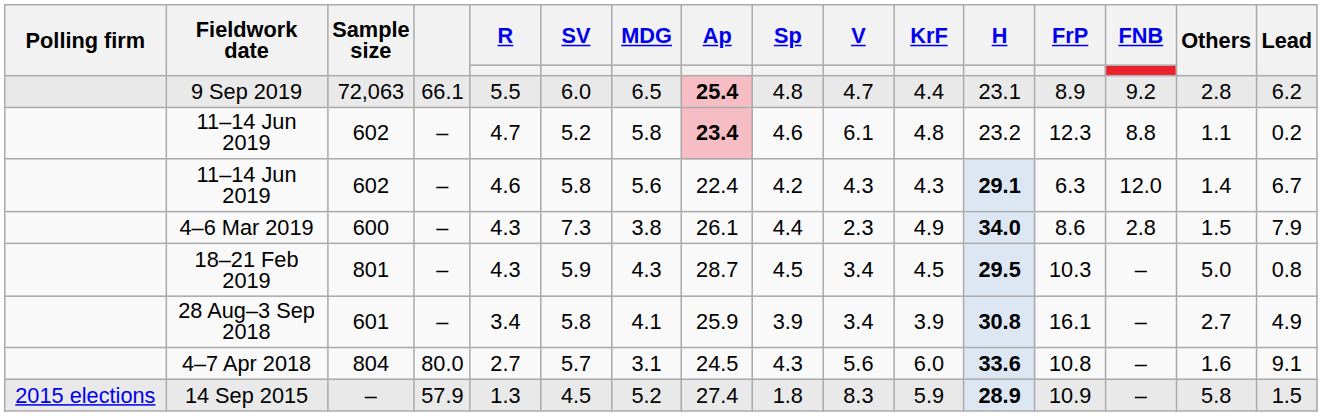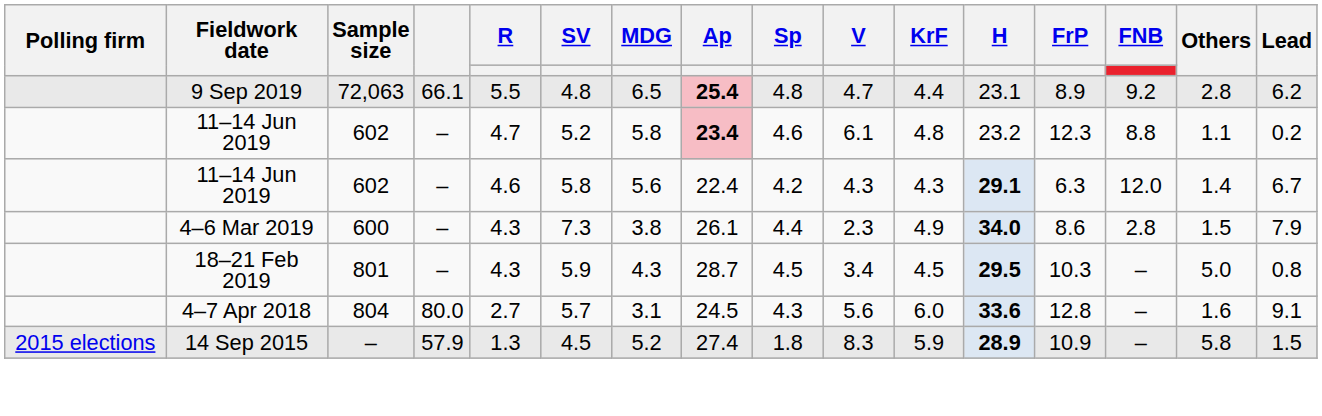 <table class="wikitable sortable" style="text-align:center;font-size:90%;line-height:14px;">
 <tr style="height:40px;">
 <th style="width:100px;" rowspan="2">Polling firm</th>
 <th style="width:100px;" rowspan="2">Fieldwork date</th>
 <th style="width:35px;" rowspan="2">Sample<br>size</th>
 <th style="width:30px;" rowspan="2"></th>
 <th class="unsortable" style="width:40px;"><a href='#'>R</a></th>
 <th class="unsortable" style="width:40px;"><a href='#'>SV</a></th>
 <th class="unsortable" style="width:40px;"><a href='#'>MDG</a></th>
 <th class="unsortable" style="width:40px;"><a href='#'>Ap</a></th>
 <th class="unsortable" style="width:40px;"><a href='#'>Sp</a></th>
 <th class="unsortable" style="width:40px;"><a href='#'>V</a></th>
 <th class="unsortable" style="width:40px;"><a href='#'>KrF</a></th>
 <th class="unsortable" style="width:40px;"><a href='#'>H</a></th>
 <th class="unsortable" style="width:40px;"><a href='#'>FrP</a></th>
 <th class="unsortable" style="width:40px;"><a href='#'>FNB</a></th>
 <th class="unsortable" style="width:30px;" rowspan="2">Others</th>
 <th style="width:30px;" rowspan="2">Lead</th>
 </tr>
 <tr>
 <th style="background:"></th>
 <th style="background:"></th>
 <th style="background:"></th>
 <th style="background:"></th>
 <th style="background:"></th>
 <th style="background:"></th>
 <th style="background:"></th>
 <th style="background:"></th>
 <th style="background:"></th>
 <th style="background:#EA212D;"></th>
 </tr>
 <tr style="background:#E9E9E9;">
 <td></td>
 <td data-sort-value="2019-09-09">9 Sep 2019</td>
 <td>72,063</td>
 <td>66.1</td>
 <td>5.5</td>
-<td>6.0</td>
+<td>4.8</td>
 <td>6.5</td>
 <td style="background:#F7BDC5;"><strong>25.4</strong></td>
 <td>4.8</td>
 <td>4.7</td>
 <td>4.4</td>
 <td>23.1</td>
 <td>8.9</td>
 <td>9.2</td>
 <td>2.8</td>
 <td style="background:">6.2</td>
 </tr>
 <tr>
 <td></td>
 <td data-sort-value="2019-06-14">11–14 Jun 2019</td>
 <td>602</td>
 <td>–</td>
 <td>4.7</td>
 <td>5.2</td>
 <td>5.8</td>
 <td style="background:#F7BDC5;"><strong>23.4</strong></td>
 <td>4.6</td>
 <td>6.1</td>
 <td>4.8</td>
 <td>23.2</td>
 <td>12.3</td>
 <td>8.8</td>
 <td>1.1</td>
 <td style="background:">0.2</td>
 </tr>
 <tr>
 <td></td>
 <td data-sort-value="2019-06-14">11–14 Jun 2019</td>
 <td>602</td>
 <td>–</td>
 <td>4.6</td>
 <td>5.8</td>
 <td>5.6</td>
 <td>22.4</td>
 <td>4.2</td>
 <td>4.3</td>
 <td>4.3</td>
 <td style="background:#DCE7F3;"><strong>29.1</strong></td>
 <td>6.3</td>
 <td>12.0</td>
 <td>1.4</td>
 <td style="background:">6.7</td>
 </tr>
 <tr>
 <td></td>
 <td data-sort-value="2019-03-06">4–6 Mar 2019</td>
 <td>600</td>
 <td>–</td>
 <td>4.3</td>
 <td>7.3</td>
 <td>3.8</td>
 <td>26.1</td>
 <td>4.4</td>
 <td>2.3</td>
 <td>4.9</td>
 <td style="background:#DCE7F3;"><strong>34.0</strong></td>
 <td>8.6</td>
 <td>2.8</td>
 <td>1.5</td>
 <td style="background:">7.9</td>
 </tr>
 <tr>
 <td></td>
 <td data-sort-value="2019-02-21">18–21 Feb 2019</td>
 <td>801</td>
 <td>–</td>
 <td>4.3</td>
 <td>5.9</td>
 <td>4.3</td>
 <td>28.7</td>
 <td>4.5</td>
 <td>3.4</td>
 <td>4.5</td>
 <td style="background:#DCE7F3;"><strong>29.5</strong></td>
 <td>10.3</td>
 <td>–</td>
 <td>5.0</td>
 <td style="background:">0.8</td>
 </tr>
 <tr>
 <td></td>
-<td data-sort-value="2018-09-03">28 Aug–3 Sep 2018</td>
-<td>601</td>
-<td>–</td>
-<td>3.4</td>
-<td>5.8</td>
-<td>4.1</td>
-<td>25.9</td>
-<td>3.9</td>
-<td>3.4</td>
-<td>3.9</td>
-<td style="background:#DCE7F3;"><strong>30.8</strong></td>
-<td>16.1</td>
-<td>–</td>
-<td>2.7</td>
-<td style="background:">4.9</td>
-</tr>
-<tr>
-<td></td>
 <td data-sort-value="2018-04-07">4–7 Apr 2018</td>
 <td>804</td>
 <td>80.0</td>
 <td>2.7</td>
 <td>5.7</td>
 <td>3.1</td>
 <td>24.5</td>
 <td>4.3</td>
 <td>5.6</td>
 <td>6.0</td>
 <td style="background:#DCE7F3;"><strong>33.6</strong></td>
-<td>10.8</td>
+<td>12.8</td>
 <td>–</td>
 <td>1.6</td>
 <td style="background:">9.1</td>
 </tr>
 <tr style="background:#E9E9E9;">
 <td><a href='#'>2015 elections</a></td>
 <td data-sort-value="2015-09-14">14 Sep 2015</td>
 <td>–</td>
 <td>57.9</td>
 <td>1.3</td>
 <td>4.5</td>
 <td>5.2</td>
 <td>27.4</td>
 <td>1.8</td>
 <td>8.3</td>
 <td>5.9</td>
 <td style="background:#DCE7F3;"><strong>28.9</strong></td>
 <td>10.9</td>
 <td>–</td>
 <td>5.8</td>
 <td style="background:">1.5</td>
 </tr>
 </table>
